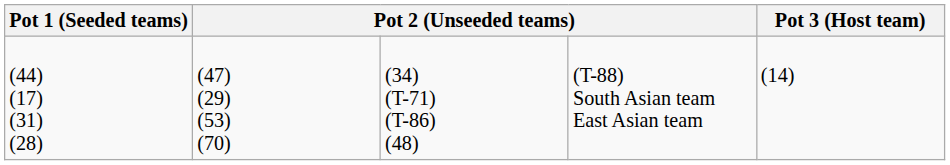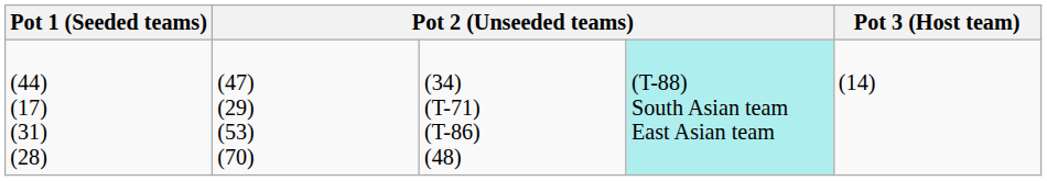 <table class="wikitable">
 <tr>
 <th width="20%">Pot 1 (Seeded teams)</th>
 <th colspan="3">Pot 2  (Unseeded teams)</th>
 <th width="25%">Pot 3 (Host team)</th>
 </tr>
 <tr valign="top">
 <td><br> (44)<br>  (17)<br>  (31)<br>  (28)</td>
 <td width="20%"><br> (47)<br>  (29)<br>  (53)<br>  (70)</td>
 <td width="20%"><br> (34)<br>  (T-71)<br>  (T-86)<br>  (48)</td>
-<td width="20%"><br> (T-88)<br> South Asian team<br> East Asian team</td>
+<td width="20%" style="background: paleturquoise;"><br> (T-88)<br> South Asian team<br> East Asian team</td>
 <td width="20%"><br> (14)</td>
 </tr>
 </table>
